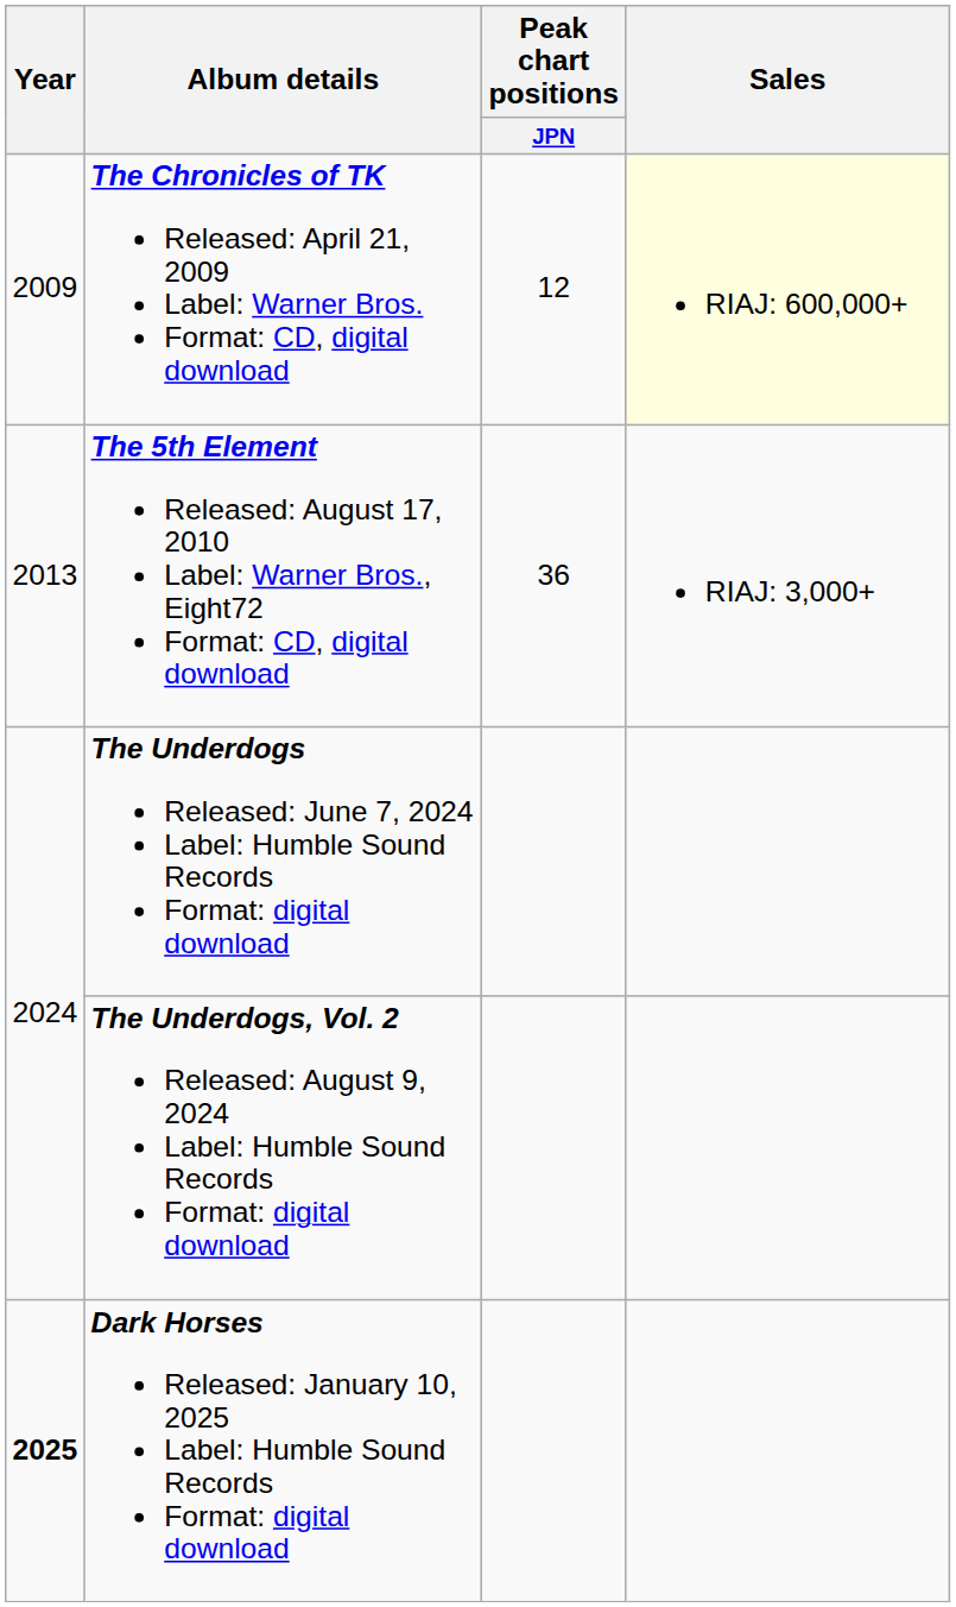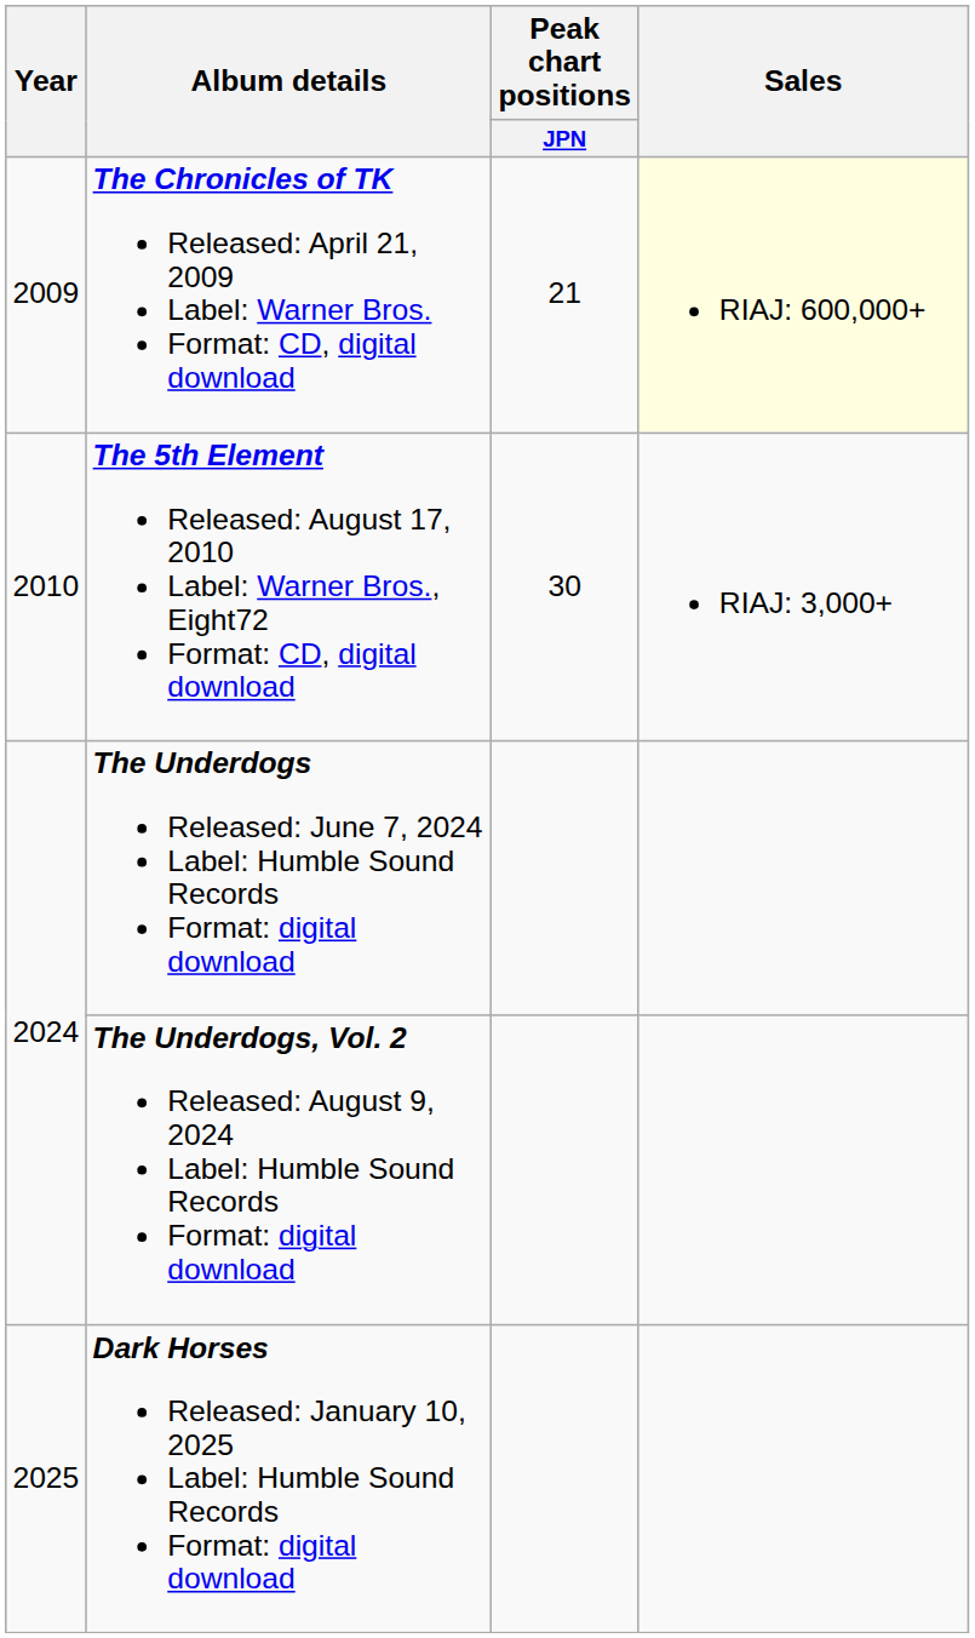 <table class="wikitable" style="text-align:center;">
 <tr>
 <th rowspan="2">Year</th>
 <th style="width:210px;" rowspan="2">Album details</th>
 <th>Peak chart positions</th>
 <th rowspan="2" style="width:170px;">Sales</th>
 </tr>
 <tr>
 <th style="width:3em;font-size:75%"><a href='#'>JPN</a><br></th>
 </tr>
 <tr>
 <td>2009</td>
 <td align="left"><strong><em><a href='#'>The Chronicles of TK</a></em></strong><br><ul><li>Released: April 21, 2009</li><li>Label: <a href='#'>Warner Bros.</a></li><li>Format: <a href='#'>CD</a>, <a href='#'>digital download</a></li></ul></td>
-<td>12</td>
+<td>21</td>
 <td align="left" style="background: lightyellow;"><br><ul><li>RIAJ: 600,000+</li></ul></td>
 </tr>
 <tr>
-<td>2013</td>
+<td>2010</td>
 <td align="left"><strong><em><a href='#'>The 5th Element</a></em></strong><br><ul><li>Released: August 17, 2010</li><li>Label: <a href='#'>Warner Bros.</a>, Eight72</li><li>Format: <a href='#'>CD</a>, <a href='#'>digital download</a></li></ul></td>
-<td>36</td>
+<td>30</td>
 <td align="left"><br><ul><li>RIAJ: 3,000+</li></ul></td>
 </tr>
 <tr>
 <td rowspan="2">2024</td>
 <td align="left"><strong><em>The Underdogs</em></strong><br><ul><li>Released: June 7, 2024</li><li>Label: Humble Sound Records</li><li>Format: <a href='#'>digital download</a></li></ul></td>
 <td></td>
 <td align="left"></td>
 </tr>
 <tr>
 <td align="left"><strong><em>The Underdogs, Vol. 2</em></strong><br><ul><li>Released: August 9, 2024</li><li>Label: Humble Sound Records</li><li>Format: <a href='#'>digital download</a></li></ul></td>
 <td></td>
 <td align="left"></td>
 </tr>
 <tr>
-<td><strong>2025</strong></td>
+<td>2025</td>
 <td align="left"><strong><em>Dark Horses</em></strong><br><ul><li>Released: January 10, 2025</li><li>Label: Humble Sound Records</li><li>Format: <a href='#'>digital download</a></li></ul></td>
 <td></td>
 <td align="left"></td>
 </tr>
 </table>
